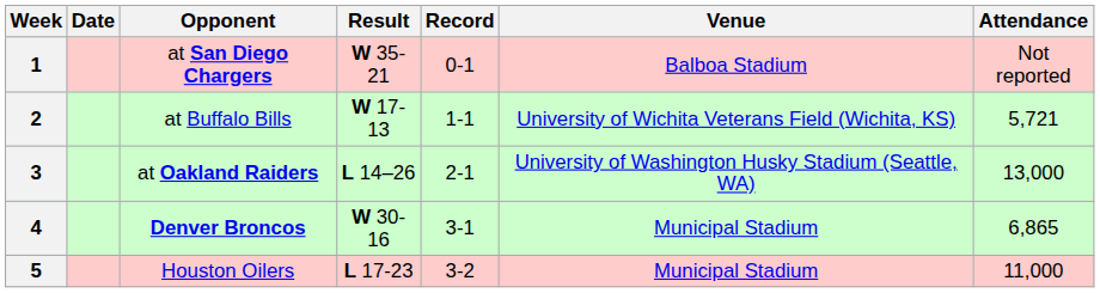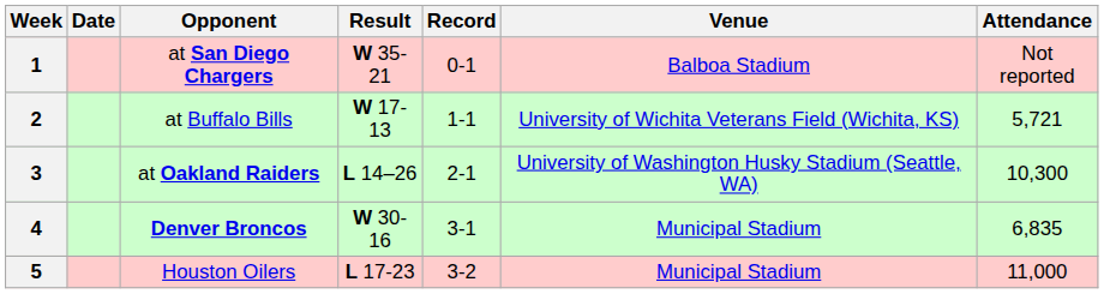 <table class="wikitable" style="text-align:center">
 <tr>
 <th>Week</th>
 <th>Date</th>
 <th>Opponent</th>
 <th>Result</th>
 <th>Record</th>
 <th>Venue</th>
 <th>Attendance</th>
 </tr>
 <tr style="background:#fcc">
 <th>1</th>
 <td></td>
 <td>at <strong><a href='#'>San Diego Chargers</a></strong></td>
 <td><strong>W</strong> 35-21</td>
 <td>0-1</td>
 <td><a href='#'>Balboa Stadium</a></td>
 <td>Not reported</td>
 </tr>
 <tr style="background:#cfc">
 <th>2</th>
 <td></td>
 <td>at <a href='#'>Buffalo Bills</a></td>
 <td><strong>W</strong> 17-13</td>
 <td>1-1</td>
 <td><a href='#'>University of Wichita Veterans Field (Wichita, KS)</a></td>
 <td>5,721</td>
 </tr>
 <tr style="background:#cfc">
 <th>3</th>
 <td></td>
 <td>at <strong><a href='#'>Oakland Raiders</a></strong></td>
 <td><strong>L</strong> 14–26</td>
 <td>2-1</td>
 <td><a href='#'>University of Washington Husky Stadium (Seattle, WA)</a></td>
-<td>13,000</td>
+<td>10,300</td>
 </tr>
 <tr style="background:#cfc">
 <th>4</th>
 <td></td>
 <td><strong><a href='#'>Denver Broncos</a></strong></td>
 <td><strong>W</strong> 30-16</td>
 <td>3-1</td>
 <td><a href='#'>Municipal Stadium</a></td>
-<td>6,865</td>
+<td>6,835</td>
 </tr>
 <tr style="background:#fcc">
 <th>5</th>
 <td></td>
 <td><a href='#'>Houston Oilers</a></td>
 <td><strong>L</strong> 17-23</td>
 <td>3-2</td>
 <td><a href='#'>Municipal Stadium</a></td>
 <td>11,000</td>
 </tr>
 </table>
